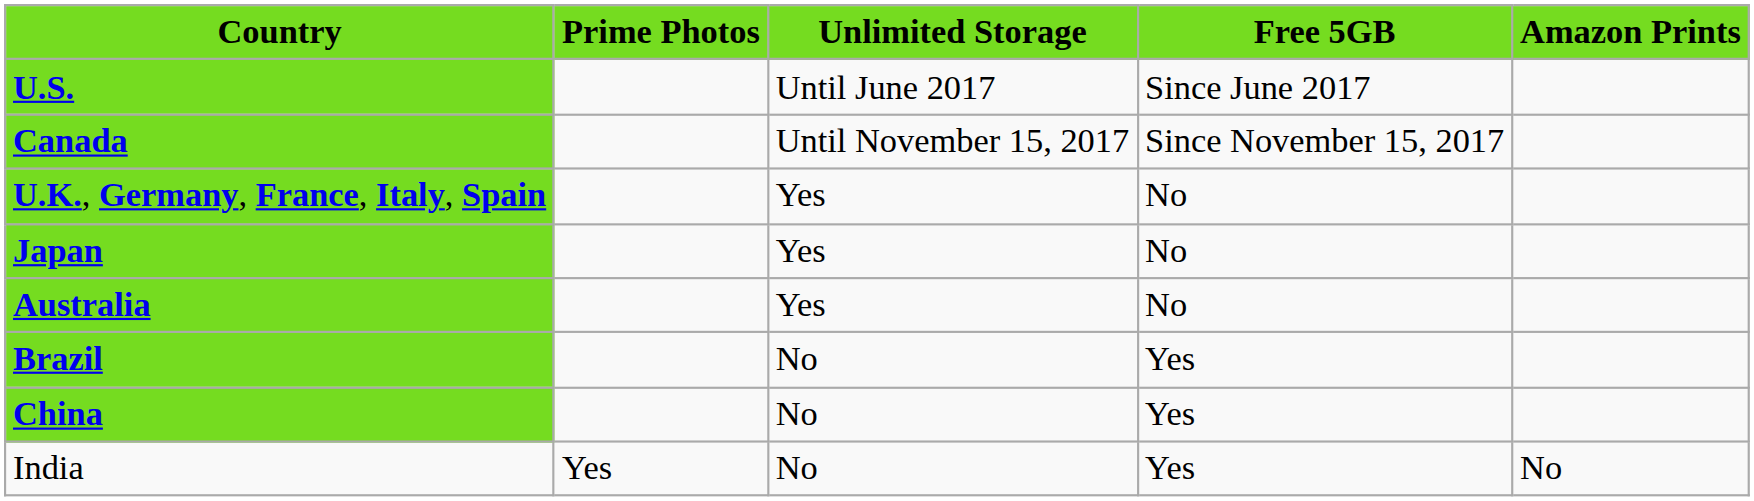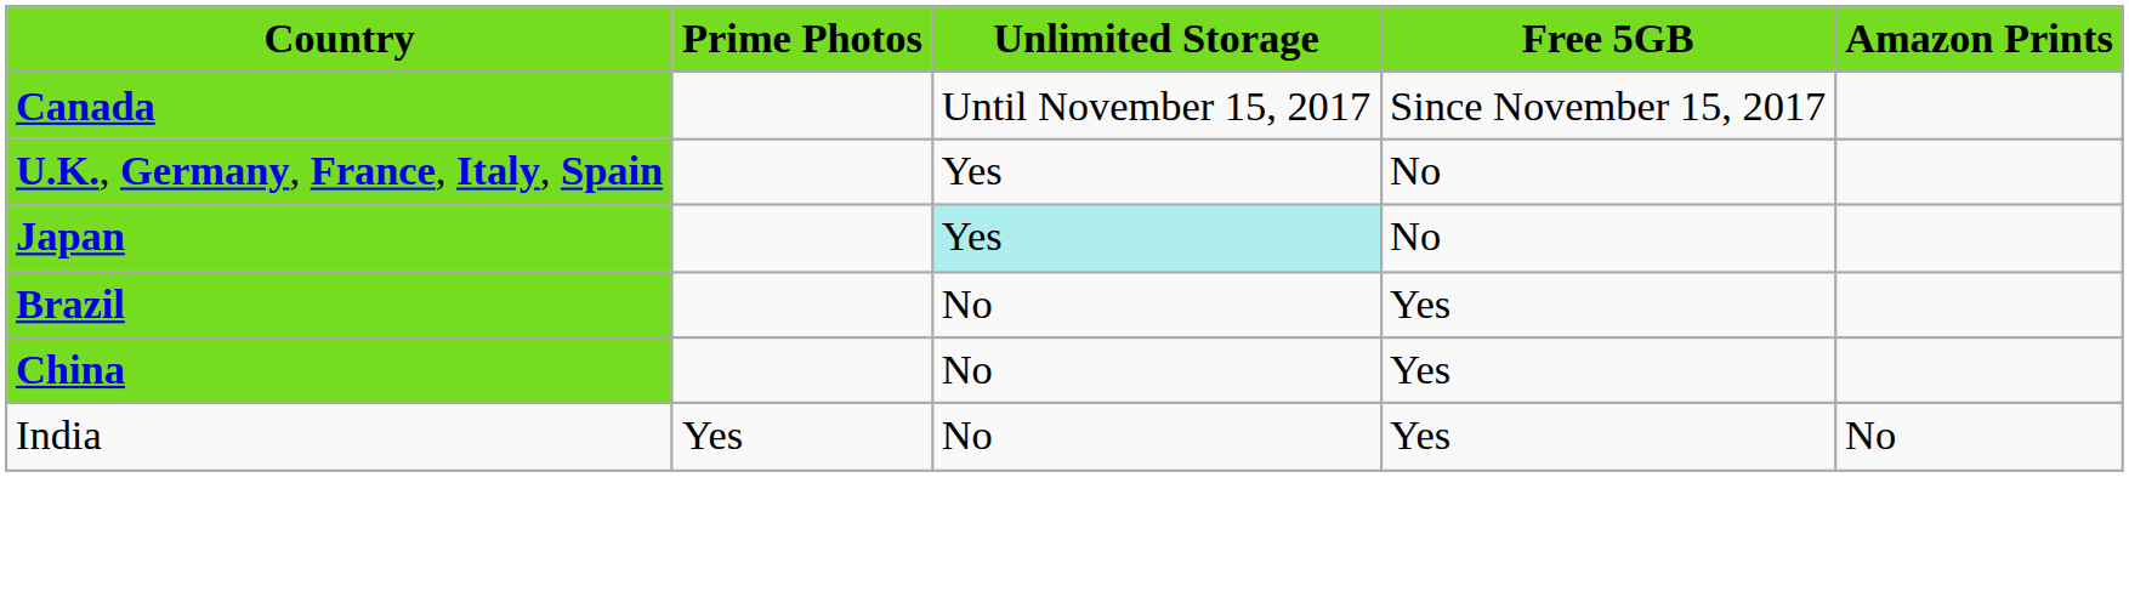 <table class="wikitable sortable" style="text align: center;">
 <tr>
 <th rowspan="1" style="background: #75dc20; color: #000000;">Country</th>
 <th rowspan="1" style="background: #75dc20; color: #000000;">Prime Photos</th>
 <th rowspan="1" style="background: #75dc20; color: #000000;">Unlimited Storage</th>
 <th colspan="1" style="background: #75dc20; color: #000000;">Free 5GB</th>
 <th colspan="1" style="background: #75dc20; color: #000000;">Amazon Prints</th>
-</tr>
-<tr>
-<td style="background: #75dc20; color: #000000;"><strong><a href='#'>U.S.</a></strong></td>
-<td></td>
-<td>Until June 2017</td>
-<td>Since June 2017</td>
-<td></td>
 </tr>
 <tr>
 <td style="background: #75dc20; color: #000000;"><strong><a href='#'>Canada</a></strong></td>
 <td></td>
 <td>Until November 15, 2017</td>
 <td>Since November 15, 2017</td>
 <td></td>
 </tr>
 <tr>
 <td style="background: #75dc20; color: #000000;"><strong><a href='#'>U.K.</a></strong>, <strong><a href='#'>Germany</a></strong>, <strong><a href='#'>France</a></strong>, <strong><a href='#'>Italy</a></strong>, <strong><a href='#'>Spain</a></strong></td>
 <td></td>
 <td>Yes</td>
 <td>No</td>
 <td></td>
 </tr>
 <tr>
 <td style="background: #75dc20; color: #000000;"><strong><a href='#'>Japan</a></strong></td>
 <td></td>
-<td>Yes</td>
-<td>No</td>
-<td></td>
-</tr>
-<tr>
-<td style="background: #75dc20; color: #000000;"><strong><a href='#'>Australia</a></strong></td>
-<td></td>
-<td>Yes</td>
+<td style="background: paleturquoise;">Yes</td>
 <td>No</td>
 <td></td>
 </tr>
 <tr>
 <td style="background: #75dc20; color: #000000;"><strong><a href='#'>Brazil</a></strong></td>
 <td></td>
 <td>No</td>
 <td>Yes</td>
 <td></td>
 </tr>
 <tr>
 <td style="background: #75dc20; color: #000000;"><strong><a href='#'>China</a></strong></td>
 <td></td>
 <td>No</td>
 <td>Yes</td>
 <td></td>
 </tr>
 <tr>
 <td>India</td>
 <td>Yes</td>
 <td>No</td>
 <td>Yes</td>
 <td>No</td>
 </tr>
 </table>
